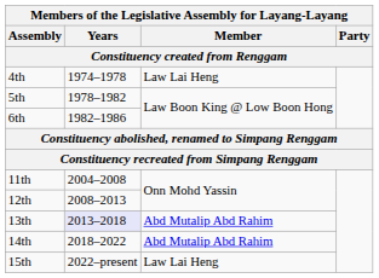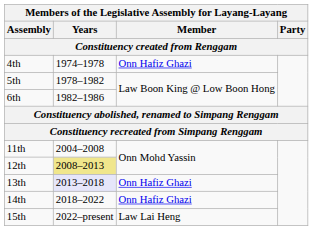 <table class="wikitable">
 <tr>
 <th colspan="4">Members of the Legislative Assembly for Layang-Layang</th>
 </tr>
 <tr>
 <th>Assembly</th>
 <th>Years</th>
 <th>Member</th>
 <th>Party</th>
 </tr>
 <tr>
 <th colspan="4"><em>Constituency created from Renggam</em></th>
 </tr>
 <tr>
 <td>4th</td>
 <td>1974–1978</td>
-<td>Law Lai Heng</td>
+<td><a href='#'>Onn Hafiz Ghazi</a></td>
 <td rowspan="3"></td>
 </tr>
 <tr>
 <td>5th</td>
 <td>1978–1982</td>
 <td rowspan="2">Law Boon King @ Low Boon Hong</td>
 </tr>
 <tr>
 <td>6th</td>
 <td>1982–1986</td>
 </tr>
 <tr>
 <th colspan="4"><em>Constituency abolished, renamed to Simpang Renggam</em></th>
 </tr>
 <tr>
 <th colspan="4"><em>Constituency recreated from Simpang Renggam</em></th>
 </tr>
 <tr>
 <td>11th</td>
 <td>2004–2008</td>
 <td rowspan="2">Onn Mohd Yassin</td>
 <td rowspan="5"></td>
 </tr>
 <tr>
 <td>12th</td>
-<td>2008–2013</td>
+<td style="background: khaki;">2008–2013</td>
 </tr>
 <tr>
 <td>13th</td>
 <td style="background: lavender;">2013–2018</td>
-<td><a href='#'>Abd Mutalip Abd Rahim</a></td>
+<td><a href='#'>Onn Hafiz Ghazi</a></td>
 </tr>
 <tr>
 <td>14th</td>
 <td>2018–2022</td>
-<td><a href='#'>Abd Mutalip Abd Rahim</a></td>
+<td><a href='#'>Onn Hafiz Ghazi</a></td>
 </tr>
 <tr>
 <td>15th</td>
 <td>2022–present</td>
 <td>Law Lai Heng</td>
 </tr>
 </table>
